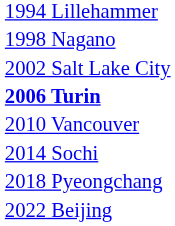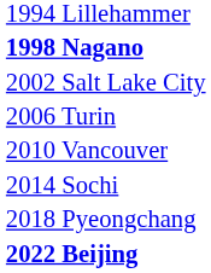 <table>
 <tr>
 <td><a href='#'>1994 Lillehammer</a><br></td>
 <td></td>
 <td></td>
 <td></td>
 </tr>
 <tr>
-<td><a href='#'>1998 Nagano</a><br></td>
+<td><strong><a href='#'>1998 Nagano</a><br></strong></td>
 <td></td>
 <td></td>
 <td></td>
 </tr>
 <tr>
 <td><a href='#'>2002 Salt Lake City</a><br></td>
 <td></td>
 <td></td>
 <td></td>
 </tr>
 <tr>
-<td><strong><a href='#'>2006 Turin</a><br></strong></td>
+<td><a href='#'>2006 Turin</a><br></td>
 <td></td>
 <td></td>
 <td></td>
 </tr>
 <tr>
 <td><a href='#'>2010 Vancouver</a><br></td>
 <td></td>
 <td></td>
 <td></td>
 </tr>
 <tr>
 <td><a href='#'>2014 Sochi</a><br></td>
 <td></td>
 <td></td>
 <td></td>
 </tr>
 <tr valign="top">
 <td><a href='#'>2018 Pyeongchang</a><br></td>
 <td></td>
 <td></td>
 <td></td>
 </tr>
 <tr>
-<td><a href='#'>2022 Beijing</a> <br></td>
+<td><strong><a href='#'>2022 Beijing</a> <br></strong></td>
 <td></td>
 <td></td>
 <td></td>
 </tr>
 <tr>
 </tr>
 </table>
